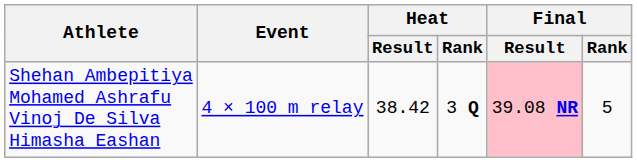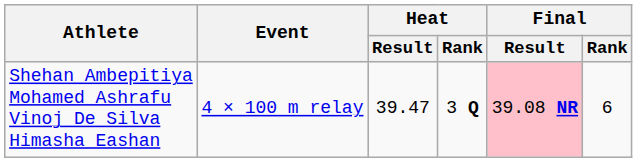 <table class="wikitable" style="font-size:90%">
 <tr>
 <th rowspan=2>Athlete</th>
 <th rowspan=2>Event</th>
 <th colspan=2>Heat</th>
 <th colspan=2>Final</th>
 </tr>
 <tr style="font-size:95%">
 <th>Result</th>
 <th>Rank</th>
 <th>Result</th>
 <th>Rank</th>
 </tr>
 <tr align=center>
 <td align=left><a href='#'>Shehan Ambepitiya</a><br><a href='#'>Mohamed Ashrafu</a><br><a href='#'>Vinoj De Silva</a><br><a href='#'>Himasha Eashan</a></td>
 <td align=left><a href='#'>4 × 100 m relay</a></td>
-<td>38.42</td>
+<td>39.47</td>
 <td>3 <strong>Q</strong></td>
 <td style="background: pink;">39.08 <strong><a href='#'>NR</a></strong></td>
-<td>5</td>
+<td>6</td>
 </tr>
 </table>
